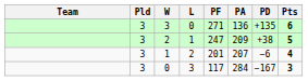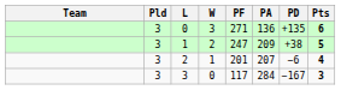 <table class=wikitable style="text-align:center">
 <tr>
 <th width=180>Team</th>
 <th width=30>Pld</th>
+<th width=30>L</th>
 <th width=30>W</th>
-<th width=30>L</th>
 <th width=30>PF</th>
 <th width=30>PA</th>
 <th width=30>PD</th>
 <th width=30>Pts</th>
 </tr>
 <tr bgcolor="#ccffcc">
 <td align="left"></td>
 <td>3</td>
+<td>0</td>
 <td>3</td>
-<td>0</td>
 <td>271</td>
 <td>136</td>
 <td>+135</td>
 <td><strong>6</strong></td>
 </tr>
 <tr bgcolor="#ccffcc">
 <td align="left"></td>
 <td>3</td>
+<td>1</td>
 <td>2</td>
-<td>1</td>
 <td>247</td>
 <td>209</td>
 <td>+38</td>
 <td><strong>5</strong></td>
 </tr>
 <tr>
 <td align="left"></td>
 <td>3</td>
+<td>2</td>
 <td>1</td>
-<td>2</td>
 <td>201</td>
 <td>207</td>
 <td>−6</td>
 <td><strong>4</strong></td>
 </tr>
 <tr>
 <td align="left"></td>
 <td>3</td>
+<td>3</td>
 <td>0</td>
-<td>3</td>
 <td>117</td>
 <td>284</td>
 <td>−167</td>
 <td><strong>3</strong></td>
 </tr>
 </table>
